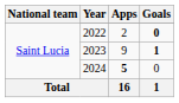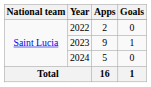 <table class="wikitable" style="text-align: center">
 <tr>
 <th>National team</th>
 <th>Year</th>
 <th>Apps</th>
 <th>Goals</th>
 </tr>
 <tr>
 <td rowspan="4"><a href='#'>Saint Lucia</a></td>
 </tr>
 <tr>
 <td>2022</td>
 <td>2</td>
-<td><strong>0</strong></td>
+<td>0</td>
 </tr>
 <tr>
 <td>2023</td>
 <td>9</td>
-<td><strong>1</strong></td>
+<td>1</td>
 </tr>
 <tr>
 <td>2024</td>
-<td><strong>5</strong></td>
+<td>5</td>
 <td>0</td>
 </tr>
 <tr>
 <th colspan="2">Total</th>
 <th>16</th>
 <th>1</th>
 </tr>
 </table>
